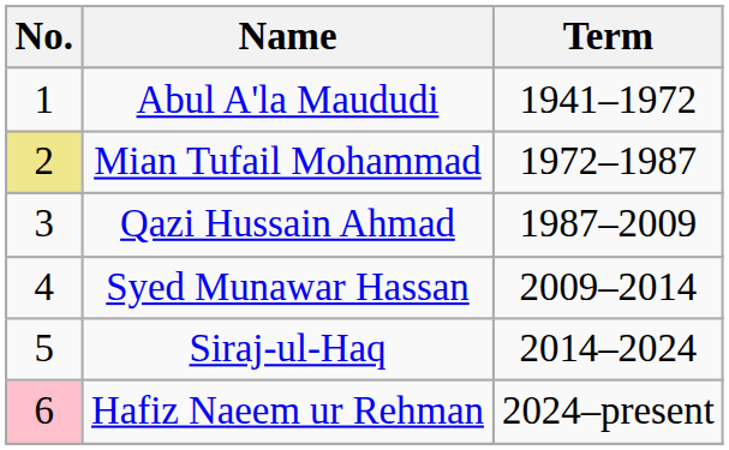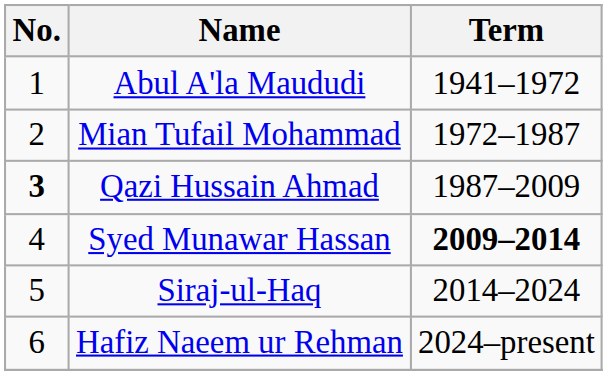 <table class="wikitable sortable">
 <tr>
 <th>No.</th>
 <th>Name</th>
 <th>Term</th>
 </tr>
 <tr align=center>
 <td>1</td>
 <td><a href='#'>Abul A'la Maududi</a></td>
 <td>1941–1972</td>
 </tr>
 <tr align=center>
-<td style="background: khaki;">2</td>
+<td>2</td>
 <td><a href='#'>Mian Tufail Mohammad</a></td>
 <td>1972–1987</td>
 </tr>
 <tr align=center>
-<td>3</td>
+<td><strong>3</strong></td>
 <td><a href='#'>Qazi Hussain Ahmad</a></td>
 <td>1987–2009</td>
 </tr>
 <tr align=center>
 <td>4</td>
 <td><a href='#'>Syed Munawar Hassan</a></td>
-<td>2009–2014</td>
+<td><strong>2009–2014</strong></td>
 </tr>
 <tr align=center>
 <td>5</td>
 <td><a href='#'>Siraj-ul-Haq</a></td>
 <td>2014–2024</td>
 </tr>
 <tr align=center>
-<td style="background: pink;">6</td>
+<td>6</td>
 <td><a href='#'>Hafiz Naeem ur Rehman</a></td>
 <td>2024–present</td>
 </tr>
 <tr align=center>
 </tr>
 </table>
